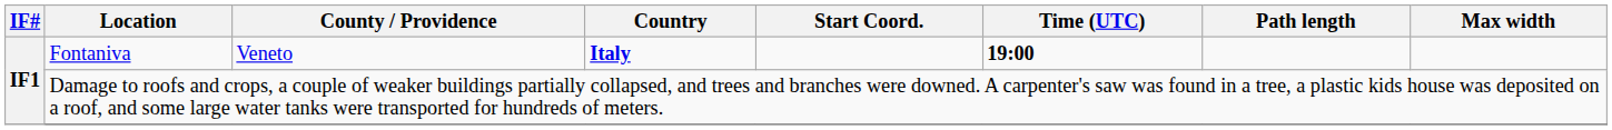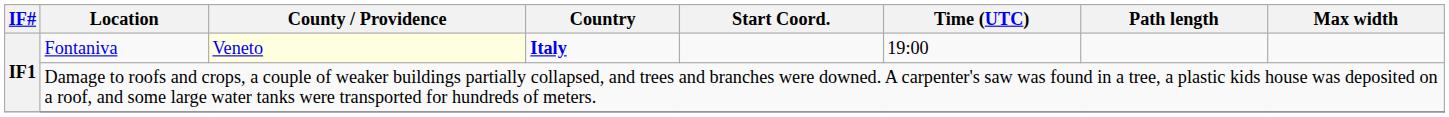 <table class="wikitable sortable" style="width:100%;">
 <tr>
 <th scope="col" width="2%" align="center"><a href='#'>IF#</a></th>
 <th scope="col" align="center" class="unsortable">Location</th>
 <th scope="col" align="center" class="unsortable">County / Providence</th>
 <th scope="col" align="center">Country</th>
 <th scope="col" align="center">Start Coord.</th>
 <th scope="col" align="center">Time (<a href='#'>UTC</a>)</th>
 <th scope="col" align="center">Path length</th>
 <th scope="col" align="center">Max width</th>
 </tr>
 <tr>
 <th scope="row" rowspan="2" style="background-color:#">IF1</th>
 <td><a href='#'>Fontaniva</a></td>
-<td><a href='#'>Veneto</a></td>
+<td style="background: lightyellow;"><a href='#'>Veneto</a></td>
 <td><strong><a href='#'>Italy</a></strong></td>
 <td></td>
-<td><strong>19:00</strong></td>
+<td>19:00</td>
 <td></td>
 <td></td>
 </tr>
 <tr class="expand-child">
 <td colspan="8" style=" border-bottom: 1px solid black;">Damage to roofs and crops, a couple of weaker buildings partially collapsed, and trees and branches were downed. A carpenter's saw was found in a tree, a plastic kids house was deposited on a roof, and some large water tanks were transported for hundreds of meters.</td>
 </tr>
 <tr>
 </tr>
 </table>
